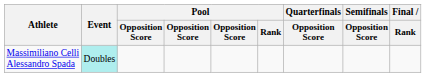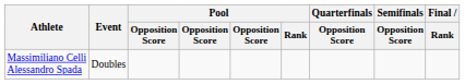 <table class=wikitable style="font-size:90%">
 <tr>
 <th rowspan="2">Athlete</th>
 <th rowspan="2">Event</th>
 <th colspan="4">Pool</th>
 <th>Quarterfinals</th>
 <th>Semifinals</th>
 <th colspan="2">Final / </th>
 </tr>
 <tr style="font-size:95%">
 <th>Opposition<br>Score</th>
 <th>Opposition<br>Score</th>
 <th>Opposition<br>Score</th>
 <th>Rank</th>
 <th>Opposition<br>Score</th>
 <th>Opposition<br>Score</th>
 <th>Rank</th>
 </tr>
 <tr align=center>
 <td align=left><a href='#'>Massimiliano Celli</a><br><a href='#'>Alessandro Spada</a></td>
-<td style="background: paleturquoise;">Doubles</td>
+<td>Doubles</td>
 <td></td>
 <td></td>
 <td></td>
 <td></td>
 <td></td>
 <td></td>
 <td></td>
 </tr>
 </table>
